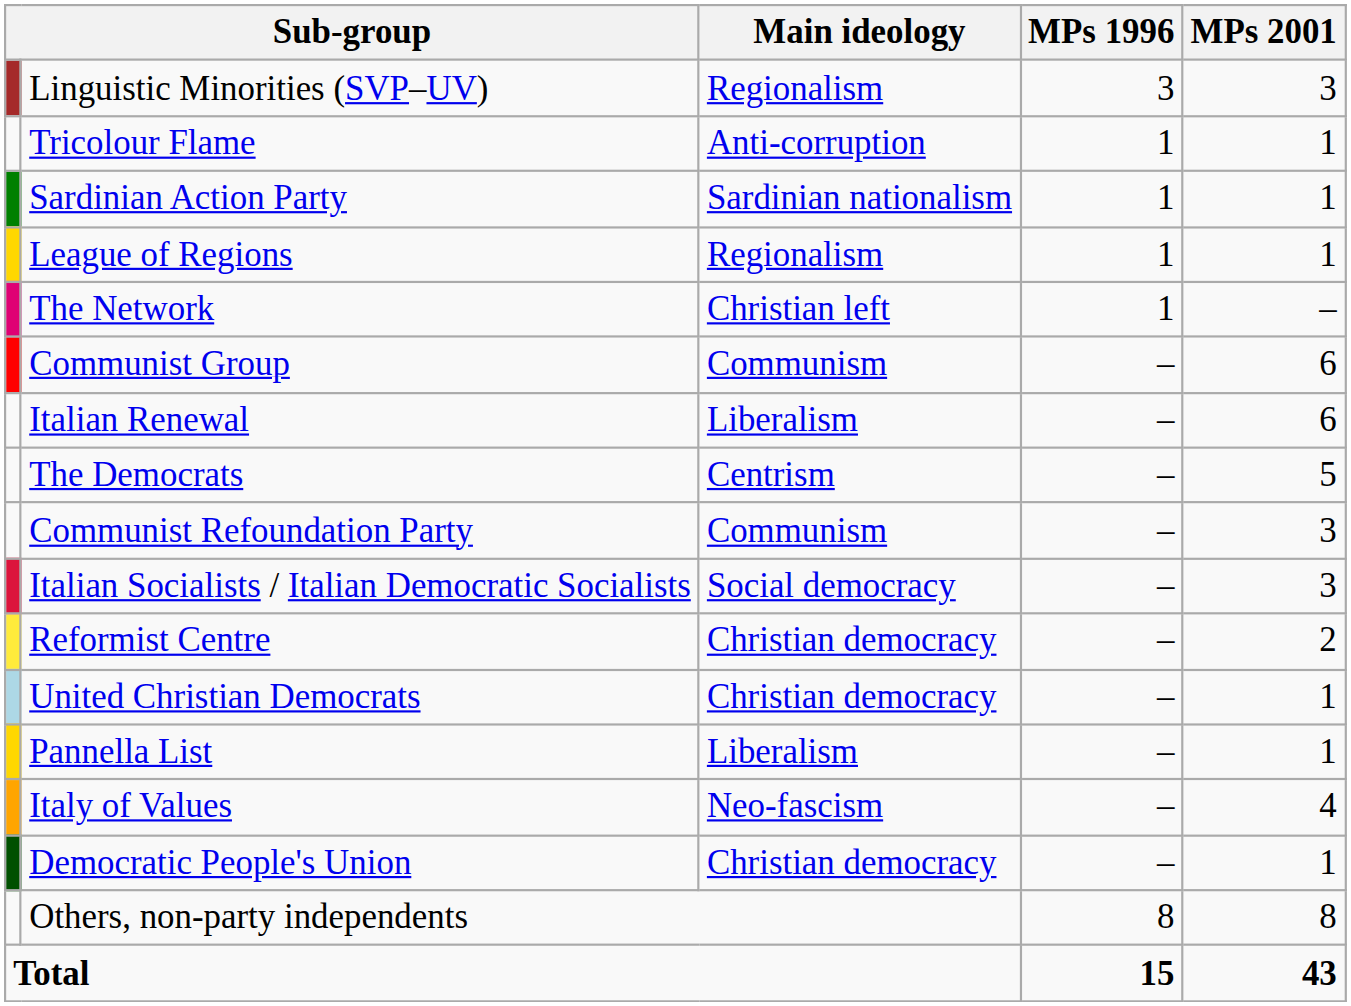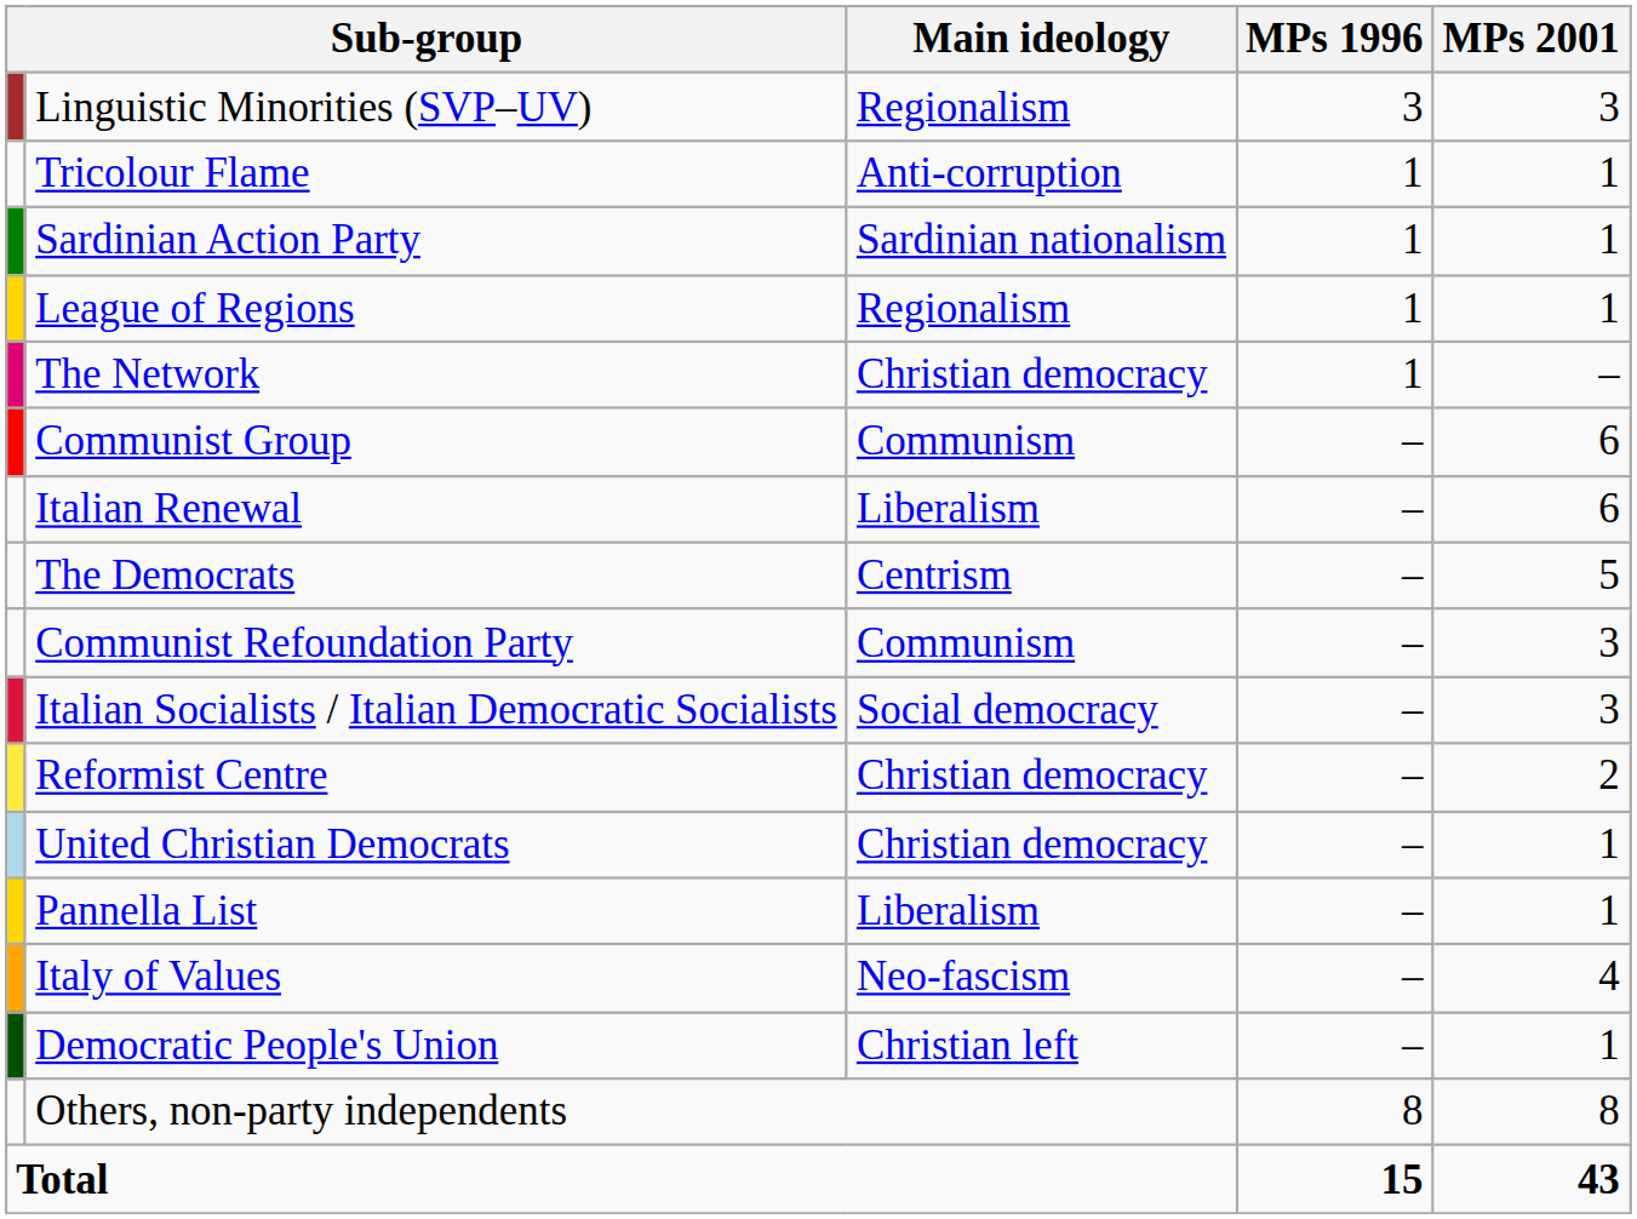 <table class="wikitable" style="font-size:100%">
 <tr>
 <th colspan=2>Sub-group</th>
 <th>Main ideology</th>
 <th>MPs 1996</th>
 <th>MPs 2001</th>
 </tr>
 <tr>
 <td bgcolor="brown"></td>
 <td>Linguistic Minorities (<a href='#'>SVP</a>–<a href='#'>UV</a>)</td>
 <td><a href='#'>Regionalism</a></td>
 <td align=right>3</td>
 <td align=right>3</td>
 </tr>
 <tr>
 <td></td>
 <td><a href='#'>Tricolour Flame</a></td>
 <td><a href='#'>Anti-corruption</a></td>
 <td align=right>1</td>
 <td align=right>1</td>
 </tr>
 <tr>
 <td bgcolor="green"></td>
 <td><a href='#'>Sardinian Action Party</a></td>
 <td><a href='#'>Sardinian nationalism</a></td>
 <td align=right>1</td>
 <td align=right>1</td>
 </tr>
 <tr>
 <td bgcolor="gold"></td>
 <td><a href='#'>League of Regions</a></td>
 <td><a href='#'>Regionalism</a></td>
 <td align=right>1</td>
 <td align=right>1</td>
 </tr>
 <tr>
 <td bgcolor="#DF0174"></td>
 <td><a href='#'>The Network</a></td>
-<td><a href='#'>Christian left</a></td>
+<td><a href='#'>Christian democracy</a></td>
 <td align=right>1</td>
 <td align=right>–</td>
 </tr>
 <tr>
 <td bgcolor="red"></td>
 <td><a href='#'>Communist Group</a></td>
 <td><a href='#'>Communism</a></td>
 <td align=right>–</td>
 <td align=right>6</td>
 </tr>
 <tr>
 <td></td>
 <td><a href='#'>Italian Renewal</a></td>
 <td><a href='#'>Liberalism</a></td>
 <td align=right>–</td>
 <td align=right>6</td>
 </tr>
 <tr>
 <td></td>
 <td><a href='#'>The Democrats</a></td>
 <td><a href='#'>Centrism</a></td>
 <td align=right>–</td>
 <td align=right>5</td>
 </tr>
 <tr>
 <td></td>
 <td><a href='#'>Communist Refoundation Party</a></td>
 <td><a href='#'>Communism</a></td>
 <td align=right>–</td>
 <td align=right>3</td>
 </tr>
 <tr>
 <td bgcolor="#DC143C"></td>
 <td><a href='#'>Italian Socialists</a> / <a href='#'>Italian Democratic Socialists</a></td>
 <td><a href='#'>Social democracy</a></td>
 <td align=right>–</td>
 <td align=right>3</td>
 </tr>
 <tr>
 <td bgcolor="#FFEB3B"></td>
 <td><a href='#'>Reformist Centre</a></td>
 <td><a href='#'>Christian democracy</a></td>
 <td align=right>–</td>
 <td align=right>2</td>
 </tr>
 <tr>
 <td bgcolor="lightblue"></td>
 <td><a href='#'>United Christian Democrats</a></td>
 <td><a href='#'>Christian democracy</a></td>
 <td align=right>–</td>
 <td align=right>1</td>
 </tr>
 <tr>
 <td bgcolor="gold"></td>
 <td><a href='#'>Pannella List</a></td>
 <td><a href='#'>Liberalism</a></td>
 <td align=right>–</td>
 <td align=right>1</td>
 </tr>
 <tr>
 <td bgcolor="orange"></td>
 <td><a href='#'>Italy of Values</a></td>
 <td><a href='#'>Neo-fascism</a></td>
 <td align=right>–</td>
 <td align=right>4</td>
 </tr>
 <tr>
 <td bgcolor="#005000"></td>
 <td><a href='#'>Democratic People's Union</a></td>
-<td><a href='#'>Christian democracy</a></td>
+<td><a href='#'>Christian left</a></td>
 <td align=right>–</td>
 <td align=right>1</td>
 </tr>
 <tr>
 <td></td>
 <td colspan=2>Others, non-party independents</td>
 <td align=right>8</td>
 <td align=right>8</td>
 </tr>
 <tr>
 <td colspan=3><strong>Total</strong></td>
 <td align=right><strong>15</strong></td>
 <td align=right><strong>43</strong></td>
 </tr>
 </table>
